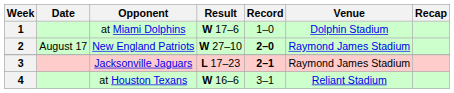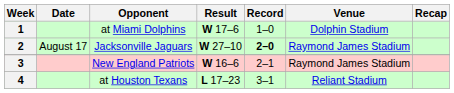 <table class="wikitable" style="font-size: 95%; text-align:center">
 <tr>
 <th>Week</th>
 <th>Date</th>
 <th>Opponent</th>
 <th>Result</th>
 <th>Record</th>
 <th>Venue</th>
 <th>Recap</th>
 </tr>
 <tr style="background: #cfc;">
 <th align="center">1</th>
 <td align="center"></td>
 <td>at <a href='#'>Miami Dolphins</a></td>
 <td align="center"><strong>W</strong> 17–6</td>
 <td align="center">1–0</td>
 <td align="center"><a href='#'>Dolphin Stadium</a></td>
 <td align="center"></td>
 </tr>
 <tr style="background: #cfc;">
 <th align="center">2</th>
 <td align="center">August 17</td>
-<td><a href='#'>New England Patriots</a></td>
+<td><a href='#'>Jacksonville Jaguars</a></td>
 <td align="center"><strong>W</strong> 27–10</td>
 <td align="center"><strong>2–0</strong></td>
 <td align="center"><a href='#'>Raymond James Stadium</a></td>
 <td align="center"></td>
 </tr>
 <tr>
 </tr>
 <tr style="background: #fcc;">
 <th align="center">3</th>
 <td align="center"></td>
-<td><a href='#'>Jacksonville Jaguars</a></td>
-<td align="center"><strong>L</strong> 17–23</td>
-<td align="center"><strong>2–1</strong></td>
+<td><a href='#'>New England Patriots</a></td>
+<td align="center"><strong>W</strong> 16–6</td>
+<td align="center">2–1</td>
 <td align="center">Raymond James Stadium</td>
 <td align="center"></td>
 </tr>
 <tr style="background: #cfc;">
 <th align="center">4</th>
 <td align="center"></td>
 <td>at <a href='#'>Houston Texans</a></td>
-<td align="center"><strong>W</strong> 16–6</td>
+<td align="center"><strong>L</strong> 17–23</td>
 <td align="center">3–1</td>
 <td align="center"><a href='#'>Reliant Stadium</a></td>
 <td align="center"></td>
 </tr>
 </table>
